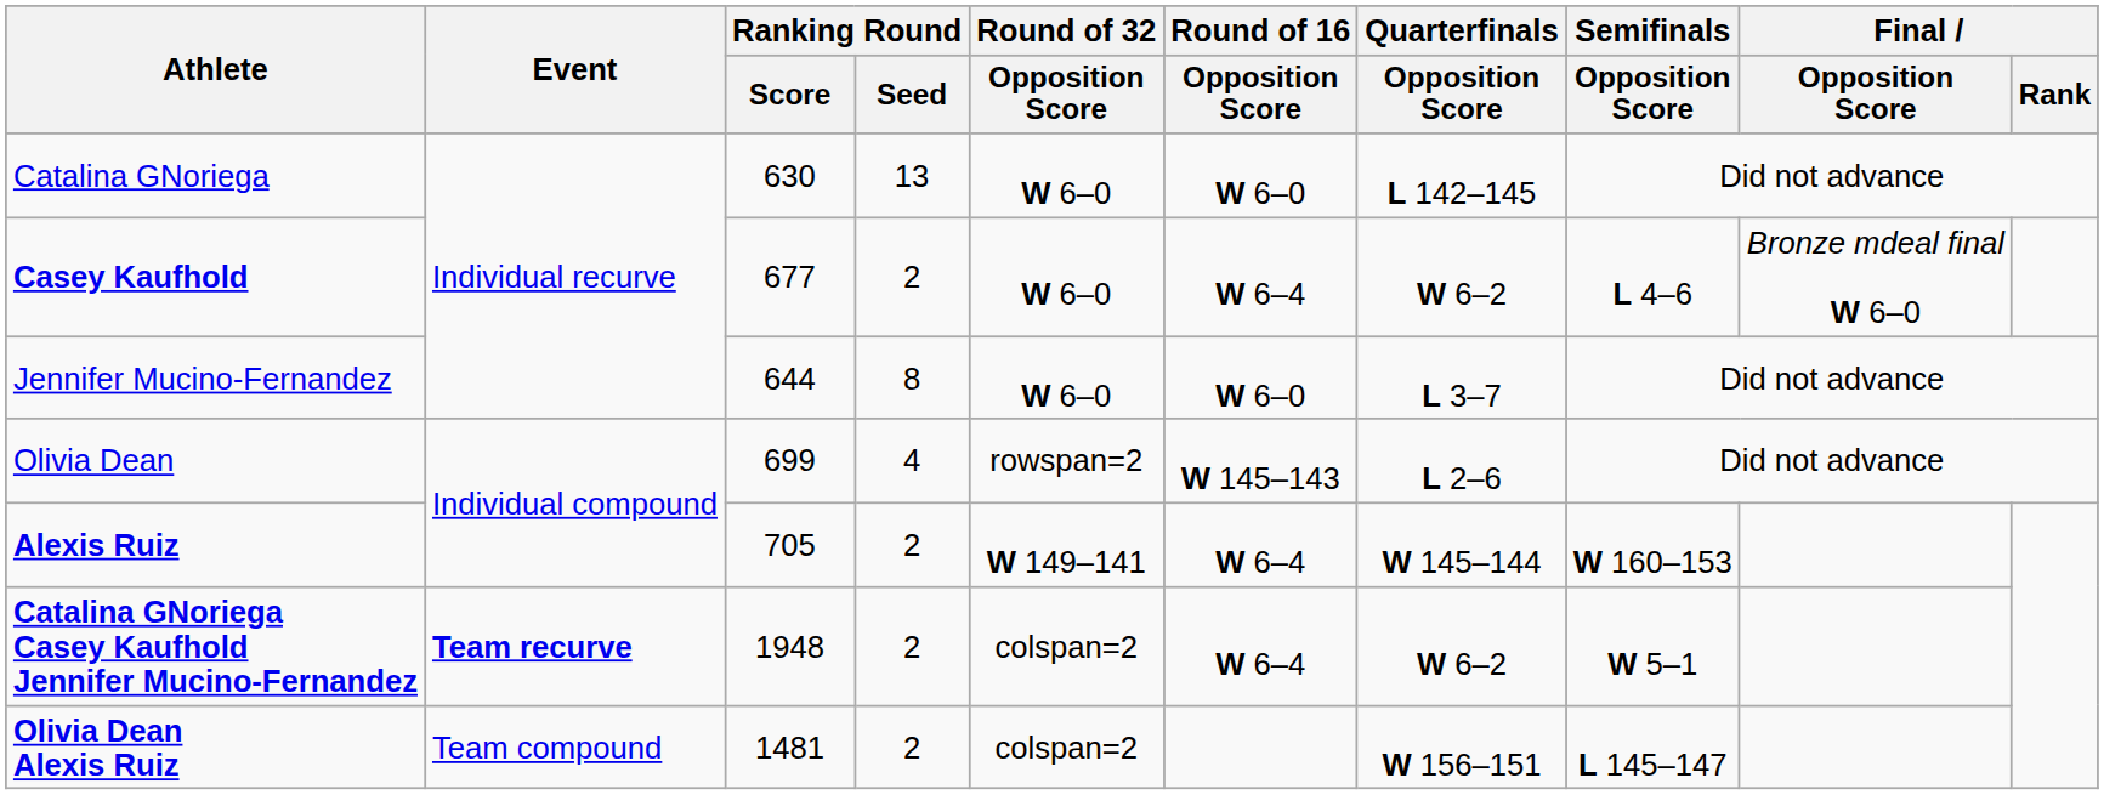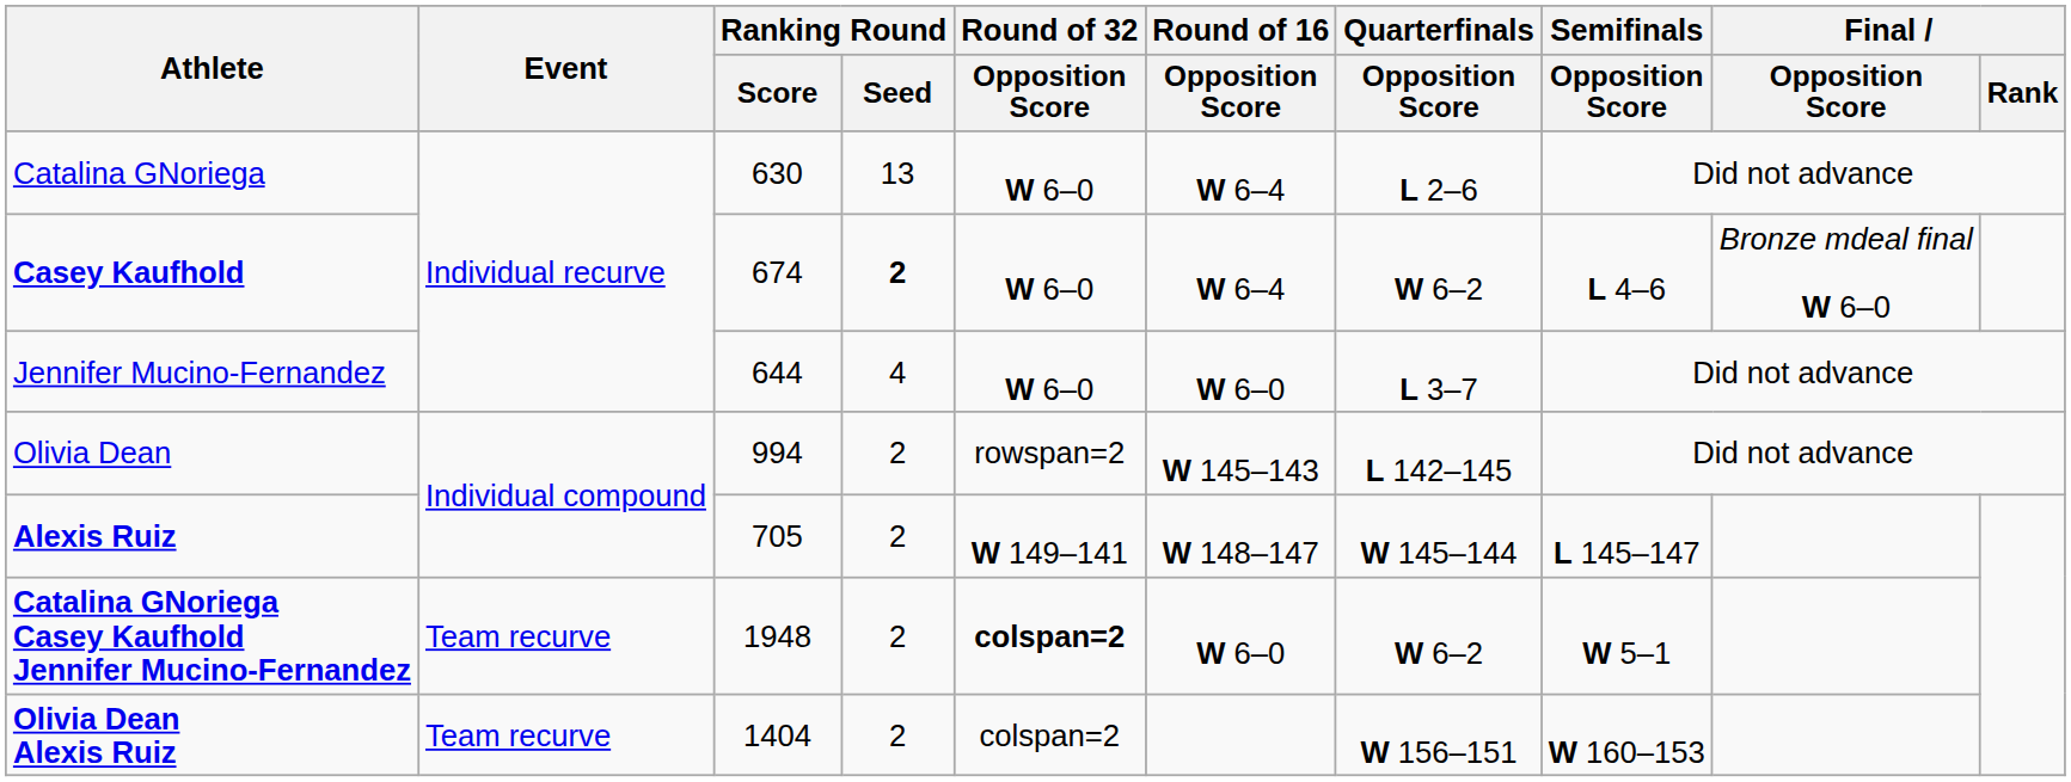 <table class=wikitable style=font-size:90%;text-align:center>
 <tr>
 <th rowspan=2>Athlete</th>
 <th rowspan=2>Event</th>
 <th colspan=2>Ranking Round</th>
 <th>Round of 32</th>
 <th>Round of 16</th>
 <th>Quarterfinals</th>
 <th>Semifinals</th>
 <th colspan=2>Final / </th>
 </tr>
 <tr style=font-size:95%>
 <th>Score</th>
 <th>Seed</th>
 <th>Opposition<br>Score</th>
 <th>Opposition<br>Score</th>
 <th>Opposition<br>Score</th>
 <th>Opposition<br>Score</th>
 <th>Opposition<br>Score</th>
 <th>Rank</th>
 </tr>
 <tr>
 <td align=left><a href='#'>Catalina GNoriega</a></td>
 <td align=left rowspan=3><a href='#'>Individual recurve</a></td>
 <td>630</td>
 <td>13</td>
 <td><br><strong>W</strong> 6–0</td>
-<td><br><strong>W</strong> 6–0</td>
-<td><br><strong>L</strong> 142–145</td>
+<td><br><strong>W</strong> 6–4</td>
+<td><br><strong>L</strong> 2–6</td>
 <td colspan=3>Did not advance</td>
 </tr>
 <tr>
 <td align=left><strong><a href='#'>Casey Kaufhold</a></strong></td>
-<td>677</td>
-<td>2</td>
+<td>674</td>
+<td><strong>2</strong></td>
 <td><br><strong>W</strong> 6–0</td>
 <td><br><strong>W</strong> 6–4</td>
 <td><br><strong>W</strong> 6–2</td>
 <td><br><strong>L</strong> 4–6</td>
 <td><em>Bronze mdeal final</em><br><br><strong>W</strong> 6–0</td>
 <td></td>
 </tr>
 <tr>
 <td align=left><a href='#'>Jennifer Mucino-Fernandez</a></td>
 <td>644</td>
-<td>8</td>
+<td>4</td>
 <td><br><strong>W</strong> 6–0</td>
 <td><br><strong>W</strong> 6–0</td>
 <td><br><strong>L</strong> 3–7</td>
 <td colspan=3>Did not advance</td>
 </tr>
 <tr>
 <td align=left><a href='#'>Olivia Dean</a></td>
 <td align=left rowspan=2><a href='#'>Individual compound</a></td>
-<td>699</td>
-<td>4</td>
+<td>994</td>
+<td>2</td>
 <td>rowspan=2 </td>
 <td><br><strong>W</strong> 145–143</td>
-<td><br><strong>L</strong> 2–6</td>
+<td><br><strong>L</strong> 142–145</td>
 <td colspan=3>Did not advance</td>
 </tr>
 <tr>
 <td align=left><strong><a href='#'>Alexis Ruiz</a></strong></td>
 <td>705</td>
 <td>2</td>
 <td><br><strong>W</strong> 149–141</td>
-<td><br><strong>W</strong> 6–4</td>
+<td><br><strong>W</strong> 148–147</td>
 <td><br><strong>W</strong> 145–144</td>
-<td><br><strong>W</strong> 160–153</td>
+<td><br><strong>L</strong> 145–147</td>
 <td></td>
 </tr>
 <tr>
 <td align=left><strong><a href='#'>Catalina GNoriega</a><br><a href='#'>Casey Kaufhold</a><br><a href='#'>Jennifer Mucino-Fernandez</a></strong></td>
-<td align=left><strong><a href='#'>Team recurve</a></strong></td>
+<td align=left><a href='#'>Team recurve</a></td>
 <td>1948</td>
 <td>2</td>
-<td>colspan=2 </td>
-<td><br><strong>W</strong> 6–4</td>
+<td><strong>colspan=2 </strong></td>
+<td><br><strong>W</strong> 6–0</td>
 <td><br><strong>W</strong> 6–2</td>
 <td><br><strong>W</strong> 5–1</td>
 <td></td>
 </tr>
 <tr>
 <td align=left><strong><a href='#'>Olivia Dean</a><br><a href='#'>Alexis Ruiz</a></strong></td>
-<td align=left><a href='#'>Team compound</a></td>
-<td>1481</td>
+<td align=left><a href='#'>Team recurve</a></td>
+<td>1404</td>
 <td>2</td>
 <td>colspan=2 </td>
 <td></td>
 <td><br><strong>W</strong> 156–151</td>
-<td><br><strong>L</strong> 145–147</td>
+<td><br><strong>W</strong> 160–153</td>
 <td></td>
 </tr>
 </table>
